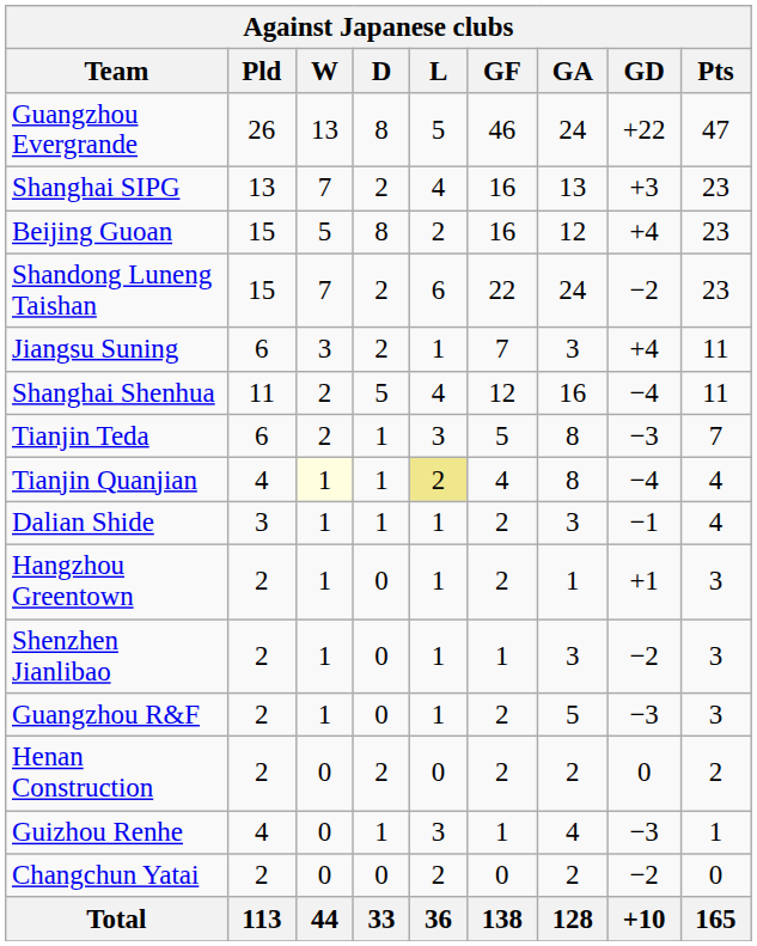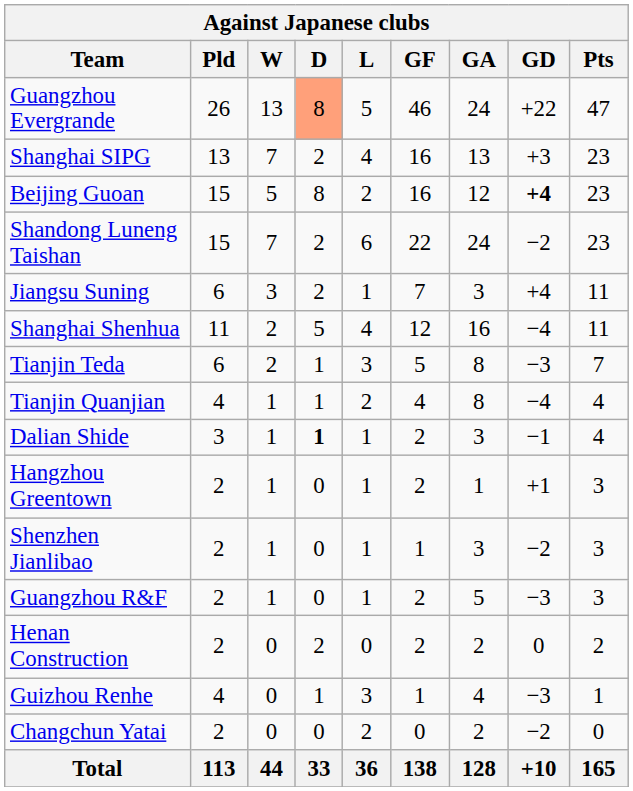 <table width=70% class="wikitable" style="text-align:center">
 <tr>
 <th colspan=9>Against Japanese clubs</th>
 </tr>
 <tr>
 <th width=20%>Team</th>
 <th width=5%>Pld</th>
 <th width=5%>W</th>
 <th width=5%>D</th>
 <th width=5%>L</th>
 <th width=5%>GF</th>
 <th width=5%>GA</th>
 <th width=5%>GD</th>
 <th width=5%>Pts</th>
 </tr>
 <tr>
 <td align=left> <a href='#'>Guangzhou Evergrande</a></td>
 <td>26</td>
 <td>13</td>
-<td>8</td>
+<td style="background: lightsalmon;">8</td>
 <td>5</td>
 <td>46</td>
 <td>24</td>
 <td>+22</td>
 <td>47</td>
 </tr>
 <tr>
 <td align=left> <a href='#'>Shanghai SIPG</a></td>
 <td>13</td>
 <td>7</td>
 <td>2</td>
 <td>4</td>
 <td>16</td>
 <td>13</td>
 <td>+3</td>
 <td>23</td>
 </tr>
 <tr>
 <td align=left> <a href='#'>Beijing Guoan</a></td>
 <td>15</td>
 <td>5</td>
 <td>8</td>
 <td>2</td>
 <td>16</td>
 <td>12</td>
-<td>+4</td>
+<td><strong>+4</strong></td>
 <td>23</td>
 </tr>
 <tr>
 <td align=left> <a href='#'>Shandong Luneng Taishan</a></td>
 <td>15</td>
 <td>7</td>
 <td>2</td>
 <td>6</td>
 <td>22</td>
 <td>24</td>
 <td>−2</td>
 <td>23</td>
 </tr>
 <tr>
 <td align=left> <a href='#'>Jiangsu Suning</a></td>
 <td>6</td>
 <td>3</td>
 <td>2</td>
 <td>1</td>
 <td>7</td>
 <td>3</td>
 <td>+4</td>
 <td>11</td>
 </tr>
 <tr>
 <td align=left> <a href='#'>Shanghai Shenhua</a></td>
 <td>11</td>
 <td>2</td>
 <td>5</td>
 <td>4</td>
 <td>12</td>
 <td>16</td>
 <td>−4</td>
 <td>11</td>
 </tr>
 <tr>
 <td align=left> <a href='#'>Tianjin Teda</a></td>
 <td>6</td>
 <td>2</td>
 <td>1</td>
 <td>3</td>
 <td>5</td>
 <td>8</td>
 <td>−3</td>
 <td>7</td>
 </tr>
 <tr>
 <td align=left> <a href='#'>Tianjin Quanjian</a></td>
 <td>4</td>
-<td style="background: lightyellow;">1</td>
 <td>1</td>
-<td style="background: khaki;">2</td>
+<td>1</td>
+<td>2</td>
 <td>4</td>
 <td>8</td>
 <td>−4</td>
 <td>4</td>
 </tr>
 <tr>
 <td align=left> <a href='#'>Dalian Shide</a></td>
 <td>3</td>
 <td>1</td>
-<td>1</td>
+<td><strong>1</strong></td>
 <td>1</td>
 <td>2</td>
 <td>3</td>
 <td>−1</td>
 <td>4</td>
 </tr>
 <tr>
 <td align=left> <a href='#'>Hangzhou Greentown</a></td>
 <td>2</td>
 <td>1</td>
 <td>0</td>
 <td>1</td>
 <td>2</td>
 <td>1</td>
 <td>+1</td>
 <td>3</td>
 </tr>
 <tr>
 <td align=left> <a href='#'>Shenzhen Jianlibao</a></td>
 <td>2</td>
 <td>1</td>
 <td>0</td>
 <td>1</td>
 <td>1</td>
 <td>3</td>
 <td>−2</td>
 <td>3</td>
 </tr>
 <tr>
 <td align=left> <a href='#'>Guangzhou R&F</a></td>
 <td>2</td>
 <td>1</td>
 <td>0</td>
 <td>1</td>
 <td>2</td>
 <td>5</td>
 <td>−3</td>
 <td>3</td>
 </tr>
 <tr>
 <td align=left> <a href='#'>Henan Construction</a></td>
 <td>2</td>
 <td>0</td>
 <td>2</td>
 <td>0</td>
 <td>2</td>
 <td>2</td>
 <td>0</td>
 <td>2</td>
 </tr>
 <tr>
 <td align=left> <a href='#'>Guizhou Renhe</a></td>
 <td>4</td>
 <td>0</td>
 <td>1</td>
 <td>3</td>
 <td>1</td>
 <td>4</td>
 <td>−3</td>
 <td>1</td>
 </tr>
 <tr>
 <td align=left> <a href='#'>Changchun Yatai</a></td>
 <td>2</td>
 <td>0</td>
 <td>0</td>
 <td>2</td>
 <td>0</td>
 <td>2</td>
 <td>−2</td>
 <td>0</td>
 </tr>
 <tr>
 <th>Total</th>
 <th>113</th>
 <th>44</th>
 <th>33</th>
 <th>36</th>
 <th>138</th>
 <th>128</th>
 <th>+10</th>
 <th>165</th>
 </tr>
 </table>
